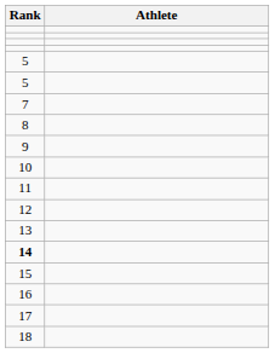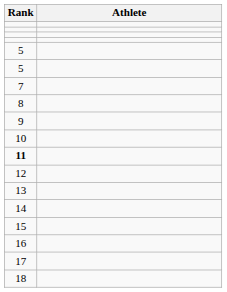 <table class="wikitable" style="text-align: center;">
 <tr>
 <th width=40>Rank</th>
 <th width=260>Athlete</th>
 </tr>
 <tr>
 <td></td>
 <td align="left"></td>
 </tr>
 <tr>
 <td></td>
 <td align="left"></td>
 </tr>
 <tr>
 <td></td>
 <td align="left"></td>
 </tr>
 <tr>
 <td></td>
 <td align="left"></td>
 </tr>
 <tr>
 <td>5</td>
 <td align="left"></td>
 </tr>
 <tr>
 <td>5</td>
 <td align="left"></td>
 </tr>
 <tr>
 <td>7</td>
 <td align="left"></td>
 </tr>
 <tr>
 <td>8</td>
 <td align="left"></td>
 </tr>
 <tr>
 <td>9</td>
 <td align="left"></td>
 </tr>
 <tr>
 <td>10</td>
 <td align="left"></td>
 </tr>
 <tr>
-<td>11</td>
+<td><strong>11</strong></td>
 <td align="left"></td>
 </tr>
 <tr>
 <td>12</td>
 <td align="left"></td>
 </tr>
 <tr>
 <td>13</td>
 <td align="left"></td>
 </tr>
 <tr>
-<td><strong>14</strong></td>
+<td>14</td>
 <td align="left"></td>
 </tr>
 <tr>
 <td>15</td>
 <td align="left"></td>
 </tr>
 <tr>
 <td>16</td>
 <td align="left"></td>
 </tr>
 <tr>
 <td>17</td>
 <td align="left"></td>
 </tr>
 <tr>
 <td>18</td>
 <td align="left"></td>
 </tr>
 </table>
